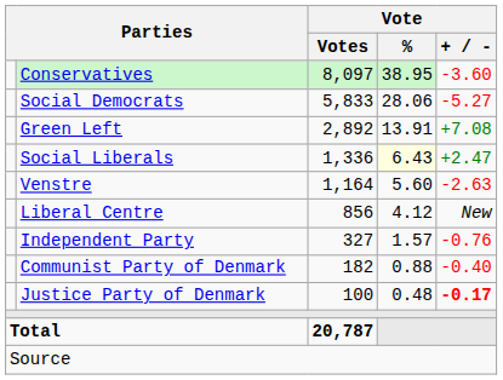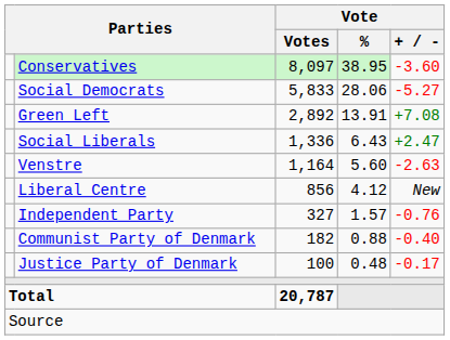 <table class="wikitable" style="text-align:right;">
 <tr>
 <th style="text-align:centre;" rowspan="2" colspan="2" width="225">Parties</th>
 <th colspan="3">Vote</th>
 </tr>
 <tr>
 <th width="15">Votes</th>
 <th width="15">%</th>
 <th width="15">+ / -</th>
 </tr>
 <tr>
 <td width="2" style="color:inherit;background:"></td>
 <td bgcolor=#ccf7cc  align="left"><a href='#'>Conservatives</a></td>
 <td bgcolor=#ccf7cc>8,097</td>
 <td bgcolor=#ccf7cc>38.95</td>
 <td style=color:red;>-3.60</td>
 </tr>
 <tr>
 <td width="2" style="color:inherit;background:"></td>
 <td align="left"><a href='#'>Social Democrats</a></td>
 <td>5,833</td>
 <td>28.06</td>
 <td style=color:red;>-5.27</td>
 </tr>
 <tr>
 <td width="2" style="color:inherit;background:"></td>
 <td align="left"><a href='#'>Green Left</a></td>
 <td>2,892</td>
 <td>13.91</td>
 <td style=color:green;>+7.08</td>
 </tr>
 <tr>
 <td width="2" style="color:inherit;background:"></td>
 <td align="left"><a href='#'>Social Liberals</a></td>
 <td>1,336</td>
-<td style="background: lightyellow;">6.43</td>
+<td>6.43</td>
 <td style=color:green;>+2.47</td>
 </tr>
 <tr>
 <td width="2" style="color:inherit;background:"></td>
 <td align="left"><a href='#'>Venstre</a></td>
 <td>1,164</td>
 <td>5.60</td>
 <td style=color:red;>-2.63</td>
 </tr>
 <tr>
 <td width="2" style="color:inherit;background:"></td>
 <td align="left"><a href='#'>Liberal Centre</a></td>
 <td>856</td>
 <td>4.12</td>
 <td><em>New</em></td>
 </tr>
 <tr>
 <td width="2" style="color:inherit;background:"></td>
 <td align="left"><a href='#'>Independent Party</a></td>
 <td>327</td>
 <td>1.57</td>
 <td style=color:red;>-0.76</td>
 </tr>
 <tr>
 <td width="2" style="color:inherit;background:"></td>
 <td align="left"><a href='#'>Communist Party of Denmark</a></td>
 <td>182</td>
 <td>0.88</td>
 <td style=color:red;>-0.40</td>
 </tr>
 <tr>
 <td width="2" style="color:inherit;background:"></td>
 <td align="left"><a href='#'>Justice Party of Denmark</a></td>
 <td>100</td>
 <td>0.48</td>
-<td style=color:red;><strong>-0.17</strong></td>
+<td style=color:red;>-0.17</td>
 </tr>
 <tr>
 <td colspan="7" bgcolor="#E9E9E9"></td>
 </tr>
 <tr>
 <td align="left" colspan="2"><strong>Total</strong></td>
 <td><strong>20,787</strong></td>
 <td bgcolor="#E9E9E9" colspan="2"></td>
 </tr>
 <tr>
 <td align="left" colspan="6">Source</td>
 </tr>
 </table>
